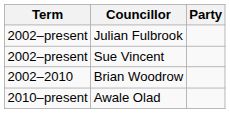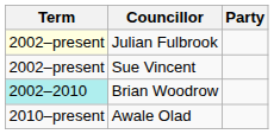 <table class="wikitable">
 <tr>
 <th>Term</th>
 <th>Councillor</th>
 <th colspan=2>Party</th>
 </tr>
 <tr>
-<td>2002–present</td>
+<td style="background: lightyellow;">2002–present</td>
 <td>Julian Fulbrook</td>
 <td></td>
 </tr>
 <tr>
 <td>2002–present</td>
 <td>Sue Vincent</td>
 <td></td>
 </tr>
 <tr>
-<td>2002–2010</td>
+<td style="background: paleturquoise;">2002–2010</td>
 <td>Brian Woodrow</td>
 <td></td>
 </tr>
 <tr>
 <td>2010–present</td>
 <td>Awale Olad</td>
 <td></td>
 </tr>
 </table>
